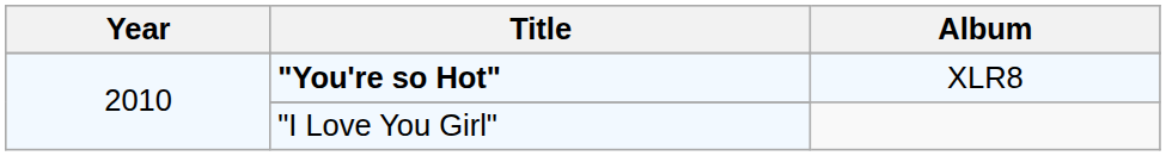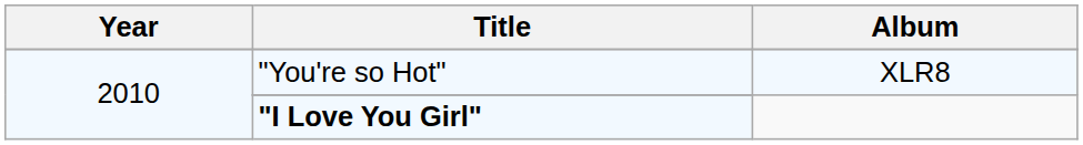 <table class="wikitable">
 <tr>
 <th style="width:9em;">Year</th>
 <th style="width:19em;">Title</th>
 <th style="width:12em;">Album</th>
 </tr>
 <tr>
 </tr>
 <tr bgcolor="#F2F9FF">
 <td align="center" rowspan="3">2010</td>
-<td align="left"><strong>"You're so Hot"</strong></td>
+<td align="left">"You're so Hot"</td>
 <td align="center" rowspan="2">XLR8</td>
 </tr>
 <tr>
 </tr>
 <tr bgcolor="#F2F9FF">
-<td align="left">"I Love You Girl"</td>
+<td align="left"><strong>"I Love You Girl"</strong></td>
 </tr>
 </table>
